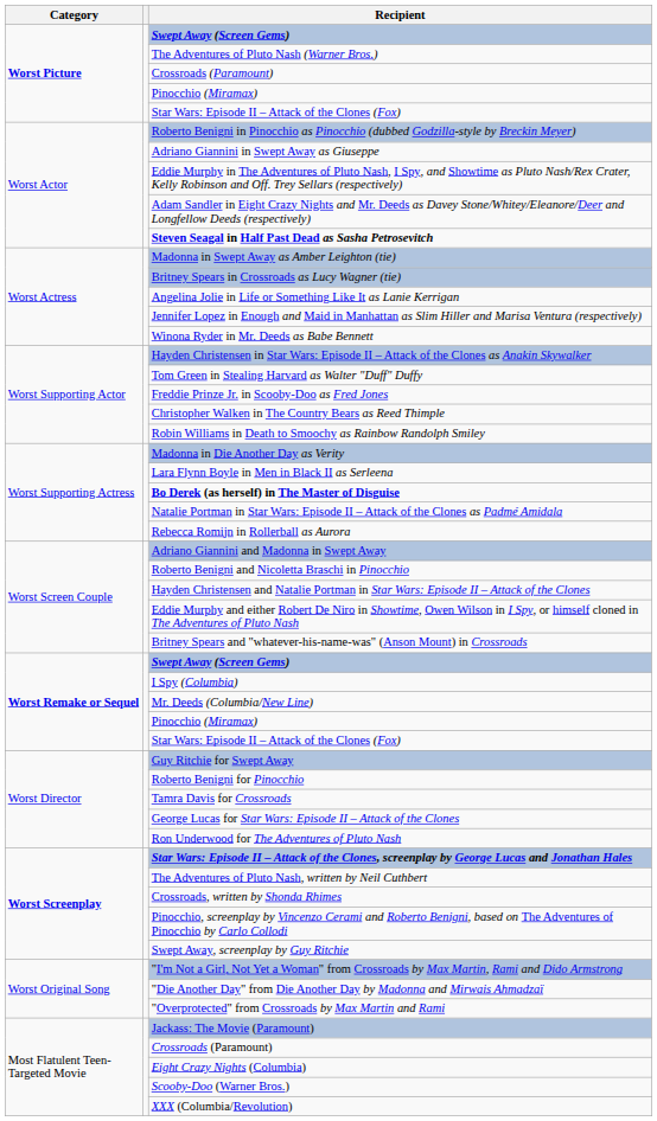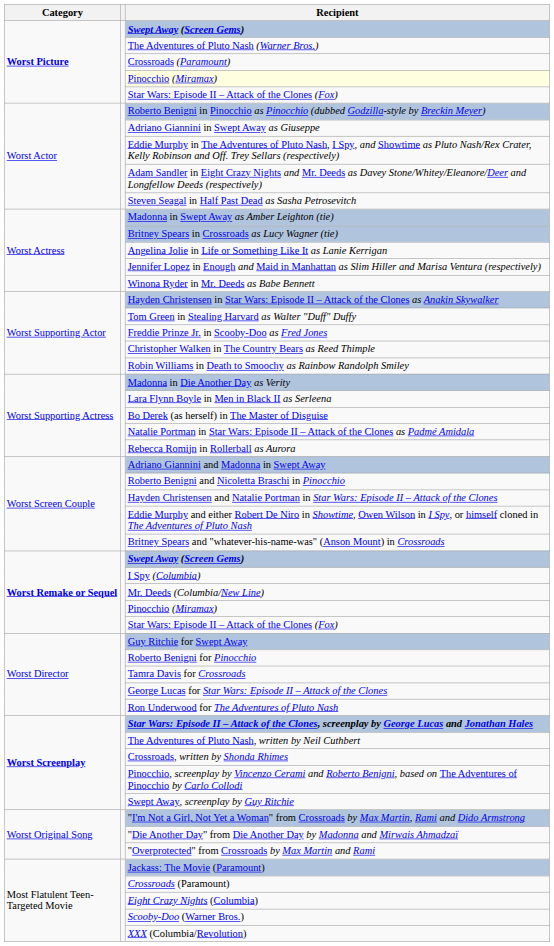 <table class="wikitable" width="95%" align="centre">
 <tr>
 <th>Category</th>
 <th></th>
 <th>Recipient</th>
 </tr>
 <tr>
 <td rowspan=5><strong><a href='#'>Worst Picture</a></strong></td>
 <td rowspan=5></td>
 <td style="background:#B0C4DE;"><strong><em><a href='#'>Swept Away</a><em> (<a href='#'>Screen Gems</a>)<strong></td>
 </tr>
 <tr>
 <td></em><a href='#'>The Adventures of Pluto Nash</a><em> (<a href='#'>Warner Bros.</a>)</td>
 </tr>
 <tr>
 <td></em><a href='#'>Crossroads</a><em> (<a href='#'>Paramount</a>)</td>
 </tr>
 <tr>
-<td></em><a href='#'>Pinocchio</a><em> (<a href='#'>Miramax</a>)</td>
+<td style="background: lightyellow;"></em><a href='#'>Pinocchio</a><em> (<a href='#'>Miramax</a>)</td>
 </tr>
 <tr>
 <td></em><a href='#'>Star Wars: Episode II – Attack of the Clones</a><em> (<a href='#'>Fox</a>)</td>
 </tr>
 <tr>
 <td rowspan=5></strong><a href='#'>Worst Actor</a><strong></td>
 <td rowspan=5></td>
 <td style="background:#B0C4DE;"></strong><a href='#'>Roberto Benigni</a> in </em><a href='#'>Pinocchio</a><em> as <a href='#'>Pinocchio</a> (dubbed <a href='#'>Godzilla</a>-style by <a href='#'>Breckin Meyer</a>)<strong></td>
 </tr>
 <tr>
 <td><a href='#'>Adriano Giannini</a> in </em><a href='#'>Swept Away</a><em> as Giuseppe</td>
 </tr>
 <tr>
 <td><a href='#'>Eddie Murphy</a> in </em><a href='#'>The Adventures of Pluto Nash</a><em>, </em><a href='#'>I Spy</a><em>, and </em><a href='#'>Showtime</a><em> as Pluto Nash/Rex Crater, Kelly Robinson and Off. Trey Sellars (respectively)</td>
 </tr>
 <tr>
 <td><a href='#'>Adam Sandler</a> in </em><a href='#'>Eight Crazy Nights</a><em> and </em><a href='#'>Mr. Deeds</a><em> as Davey Stone/Whitey/Eleanore/<a href='#'>Deer</a> and Longfellow Deeds (respectively)</td>
 </tr>
 <tr>
-<td><strong><a href='#'>Steven Seagal</a> in </em><a href='#'>Half Past Dead</a><em> as Sasha Petrosevitch</strong></td>
+<td><a href='#'>Steven Seagal</a> in </em><a href='#'>Half Past Dead</a><em> as Sasha Petrosevitch</td>
 </tr>
 <tr>
 <td rowspan=5></strong><a href='#'>Worst Actress</a><strong></td>
 <td rowspan=5></td>
 <td style="background:#B0C4DE;"></strong><a href='#'>Madonna</a> in </em><a href='#'>Swept Away</a><em> as Amber Leighton (tie)<strong></td>
 </tr>
 <tr>
 <td style="background:#B0C4DE;"></strong><a href='#'>Britney Spears</a> in </em><a href='#'>Crossroads</a><em> as Lucy Wagner (tie)<strong></td>
 </tr>
 <tr>
 <td><a href='#'>Angelina Jolie</a> in </em><a href='#'>Life or Something Like It</a><em> as Lanie Kerrigan</td>
 </tr>
 <tr>
 <td><a href='#'>Jennifer Lopez</a> in </em><a href='#'>Enough</a><em> and </em><a href='#'>Maid in Manhattan</a><em> as Slim Hiller and Marisa Ventura (respectively)</td>
 </tr>
 <tr>
 <td><a href='#'>Winona Ryder</a> in </em><a href='#'>Mr. Deeds</a><em> as Babe Bennett</td>
 </tr>
 <tr>
 <td rowspan=5></strong><a href='#'>Worst Supporting Actor</a><strong></td>
 <td rowspan=5></td>
 <td style="background:#B0C4DE;"></strong><a href='#'>Hayden Christensen</a> in </em><a href='#'>Star Wars: Episode II – Attack of the Clones</a><em> as <a href='#'>Anakin Skywalker</a><strong></td>
 </tr>
 <tr>
 <td><a href='#'>Tom Green</a> in </em><a href='#'>Stealing Harvard</a><em> as Walter "Duff" Duffy</td>
 </tr>
 <tr>
 <td><a href='#'>Freddie Prinze Jr.</a> in </em><a href='#'>Scooby-Doo</a><em> as <a href='#'>Fred Jones</a></td>
 </tr>
 <tr>
 <td><a href='#'>Christopher Walken</a> in </em><a href='#'>The Country Bears</a><em> as Reed Thimple</td>
 </tr>
 <tr>
 <td><a href='#'>Robin Williams</a> in </em><a href='#'>Death to Smoochy</a><em> as Rainbow Randolph Smiley</td>
 </tr>
 <tr>
 <td rowspan=5></strong><a href='#'>Worst Supporting Actress</a><strong></td>
 <td rowspan=5></td>
 <td style="background:#B0C4DE;"></strong><a href='#'>Madonna</a> in </em><a href='#'>Die Another Day</a><em> as Verity<strong></td>
 </tr>
 <tr>
 <td><a href='#'>Lara Flynn Boyle</a> in </em><a href='#'>Men in Black II</a><em> as Serleena</td>
 </tr>
 <tr>
-<td><strong><a href='#'>Bo Derek</a> (as herself) in </em><a href='#'>The Master of Disguise</a><em></strong></td>
+<td><a href='#'>Bo Derek</a> (as herself) in </em><a href='#'>The Master of Disguise</a><em></td>
 </tr>
 <tr>
 <td><a href='#'>Natalie Portman</a> in </em><a href='#'>Star Wars: Episode II – Attack of the Clones</a><em> as <a href='#'>Padmé Amidala</a></td>
 </tr>
 <tr>
 <td><a href='#'>Rebecca Romijn</a> in </em><a href='#'>Rollerball</a><em> as Aurora</td>
 </tr>
 <tr>
 <td rowspan=5></strong><a href='#'>Worst Screen Couple</a><strong></td>
 <td rowspan=5></td>
 <td style="background:#B0C4DE;"></strong><a href='#'>Adriano Giannini</a> and <a href='#'>Madonna</a> in </em><a href='#'>Swept Away</a></em></strong></td>
 </tr>
 <tr>
 <td><a href='#'>Roberto Benigni</a> and <a href='#'>Nicoletta Braschi</a> in <em><a href='#'>Pinocchio</a></em></td>
 </tr>
 <tr>
 <td><a href='#'>Hayden Christensen</a> and <a href='#'>Natalie Portman</a> in <em><a href='#'>Star Wars: Episode II – Attack of the Clones</a></em></td>
 </tr>
 <tr>
 <td><a href='#'>Eddie Murphy</a> and either <a href='#'>Robert De Niro</a> in <em><a href='#'>Showtime</a></em>, <a href='#'>Owen Wilson</a> in <em><a href='#'>I Spy</a></em>, or <a href='#'>himself</a> cloned in <em><a href='#'>The Adventures of Pluto Nash</a></em></td>
 </tr>
 <tr>
 <td><a href='#'>Britney Spears</a> and "whatever-his-name-was" (<a href='#'>Anson Mount</a>) in <em><a href='#'>Crossroads</a></em></td>
 </tr>
 <tr>
 <td rowspan=5><strong><a href='#'>Worst Remake or Sequel</a></strong></td>
 <td rowspan=5></td>
 <td style="background:#B0C4DE;"><strong><em><a href='#'>Swept Away</a><em> (<a href='#'>Screen Gems</a>)<strong></td>
 </tr>
 <tr>
 <td></em><a href='#'>I Spy</a><em> (<a href='#'>Columbia</a>)</td>
 </tr>
 <tr>
 <td></em><a href='#'>Mr. Deeds</a><em> (Columbia/<a href='#'>New Line</a>)</td>
 </tr>
 <tr>
 <td></em><a href='#'>Pinocchio</a><em> (<a href='#'>Miramax</a>)</td>
 </tr>
 <tr>
 <td></em><a href='#'>Star Wars: Episode II – Attack of the Clones</a><em> (<a href='#'>Fox</a>)</td>
 </tr>
 <tr>
 <td rowspan=5></strong><a href='#'>Worst Director</a><strong></td>
 <td rowspan=5></td>
 <td style="background:#B0C4DE;"></strong><a href='#'>Guy Ritchie</a> for </em><a href='#'>Swept Away</a></em></strong></td>
 </tr>
 <tr>
 <td><a href='#'>Roberto Benigni</a> for <em><a href='#'>Pinocchio</a></em></td>
 </tr>
 <tr>
 <td><a href='#'>Tamra Davis</a> for <em><a href='#'>Crossroads</a></em></td>
 </tr>
 <tr>
 <td><a href='#'>George Lucas</a> for <em><a href='#'>Star Wars: Episode II – Attack of the Clones</a></em></td>
 </tr>
 <tr>
 <td><a href='#'>Ron Underwood</a> for <em><a href='#'>The Adventures of Pluto Nash</a></em></td>
 </tr>
 <tr>
 <td rowspan=5><strong><a href='#'>Worst Screenplay</a></strong></td>
 <td rowspan=5></td>
 <td style="background:#B0C4DE;"><strong><em><a href='#'>Star Wars: Episode II – Attack of the Clones</a><em>, screenplay by <a href='#'>George Lucas</a> and <a href='#'>Jonathan Hales</a><strong></td>
 </tr>
 <tr>
 <td></em><a href='#'>The Adventures of Pluto Nash</a><em>, written by Neil Cuthbert</td>
 </tr>
 <tr>
 <td></em><a href='#'>Crossroads</a><em>, written by <a href='#'>Shonda Rhimes</a></td>
 </tr>
 <tr>
 <td></em><a href='#'>Pinocchio</a><em>, screenplay by <a href='#'>Vincenzo Cerami</a> and <a href='#'>Roberto Benigni</a>, based on </em><a href='#'>The Adventures of Pinocchio</a><em> by <a href='#'>Carlo Collodi</a></td>
 </tr>
 <tr>
 <td></em><a href='#'>Swept Away</a><em>, screenplay by <a href='#'>Guy Ritchie</a></td>
 </tr>
 <tr>
 <td rowspan=3></strong><a href='#'>Worst Original Song</a><strong></td>
 <td rowspan=3></td>
 <td style="background:#B0C4DE;"></strong>"<a href='#'>I'm Not a Girl, Not Yet a Woman</a>" from </em><a href='#'>Crossroads</a><em> by <a href='#'>Max Martin</a>, <a href='#'>Rami</a> and <a href='#'>Dido Armstrong</a><strong></td>
 </tr>
 <tr>
 <td>"<a href='#'>Die Another Day</a>" from </em><a href='#'>Die Another Day</a><em> by <a href='#'>Madonna</a> and <a href='#'>Mirwais Ahmadzaï</a></td>
 </tr>
 <tr>
 <td>"<a href='#'>Overprotected</a>" from </em><a href='#'>Crossroads</a><em> by <a href='#'>Max Martin</a> and <a href='#'>Rami</a></td>
 </tr>
 <tr>
 <td rowspan=5></strong>Most Flatulent Teen-Targeted Movie<strong></td>
 <td rowspan=5></td>
 <td style="background:#B0C4DE;"></em></strong><a href='#'>Jackass: The Movie</a></em> (<a href='#'>Paramount</a>)</strong></td>
 </tr>
 <tr>
 <td><em><a href='#'>Crossroads</a></em> (Paramount)</td>
 </tr>
 <tr>
 <td><em><a href='#'>Eight Crazy Nights</a></em> (<a href='#'>Columbia</a>)</td>
 </tr>
 <tr>
 <td><em><a href='#'>Scooby-Doo</a></em> (<a href='#'>Warner Bros.</a>)</td>
 </tr>
 <tr>
 <td><em><a href='#'>XXX</a></em> (Columbia/<a href='#'>Revolution</a>)</td>
 </tr>
 </table>
